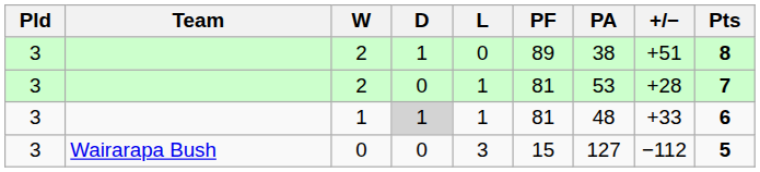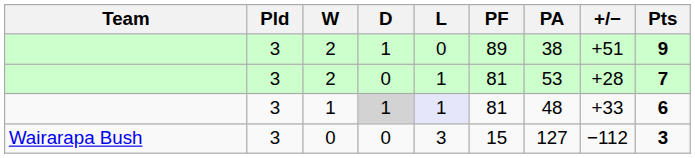 <table class="wikitable" style="text-align:center">
 <tr>
+<th width="200">Team</th>
 <th width="40">Pld</th>
-<th width="200">Team</th>
 <th width="40">W</th>
 <th width="40">D</th>
 <th width="40">L</th>
 <th width="40">PF</th>
 <th width="40">PA</th>
 <th width="40">+/−</th>
 <th width="40">Pts</th>
 </tr>
 <tr style="background:#cfc">
+<td align=left></td>
 <td>3</td>
-<td align=left></td>
 <td>2</td>
 <td>1</td>
 <td>0</td>
 <td>89</td>
 <td>38</td>
 <td>+51</td>
-<td><strong>8</strong></td>
+<td><strong>9</strong></td>
 </tr>
 <tr style="background:#cfc">
+<td align=left></td>
 <td>3</td>
-<td align=left></td>
 <td>2</td>
 <td>0</td>
 <td>1</td>
 <td>81</td>
 <td>53</td>
 <td>+28</td>
 <td><strong>7</strong></td>
 </tr>
 <tr>
+<td align=left></td>
 <td>3</td>
-<td align=left></td>
 <td>1</td>
 <td style="background: lightgrey;">1</td>
-<td>1</td>
+<td style="background: lavender;">1</td>
 <td>81</td>
 <td>48</td>
 <td>+33</td>
 <td><strong>6</strong></td>
 </tr>
 <tr>
+<td align=left><a href='#'>Wairarapa Bush</a></td>
 <td>3</td>
-<td align=left><a href='#'>Wairarapa Bush</a></td>
 <td>0</td>
 <td>0</td>
 <td>3</td>
 <td>15</td>
 <td>127</td>
 <td>−112</td>
-<td><strong>5</strong></td>
+<td><strong>3</strong></td>
 </tr>
 </table>
